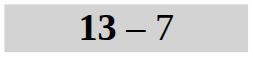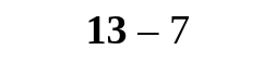 <table style="text-align:center">
 <tr>
 <th width=200></th>
 <th width=100></th>
 <th width=200></th>
 </tr>
 <tr>
 <td align=right><strong></strong></td>
-<td style="background: lightgrey;"><strong>13</strong> – 7</td>
+<td><strong>13</strong> – 7</td>
 <td align=left></td>
 </tr>
 </table>
